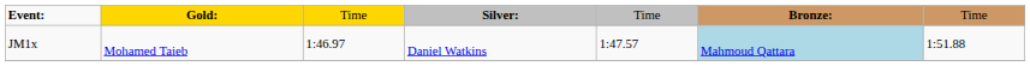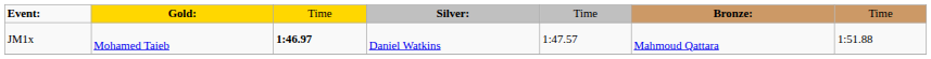 <table class="wikitable" width=80%>
 <tr>
 <td><strong>Event:</strong></td>
 <td style="text-align:center;background-color:gold;"><strong>Gold:</strong></td>
 <td style="text-align:center;background-color:gold;">Time</td>
 <td style="text-align:center;background-color:silver;"><strong>Silver:</strong></td>
 <td style="text-align:center;background-color:silver;">Time</td>
 <td style="text-align:center;background-color:#CC9966;"><strong>Bronze:</strong></td>
 <td style="text-align:center;background-color:#CC9966;">Time</td>
 </tr>
 <tr>
 <td>JM1x</td>
 <td><br><a href='#'>Mohamed Taieb</a></td>
-<td>1:46.97</td>
+<td><strong>1:46.97</strong></td>
 <td><br><a href='#'>Daniel Watkins</a></td>
 <td>1:47.57</td>
-<td style="background: lightblue;"><br><a href='#'>Mahmoud Qattara</a></td>
+<td><br><a href='#'>Mahmoud Qattara</a></td>
 <td>1:51.88</td>
 </tr>
 <tr>
 </tr>
 </table>
